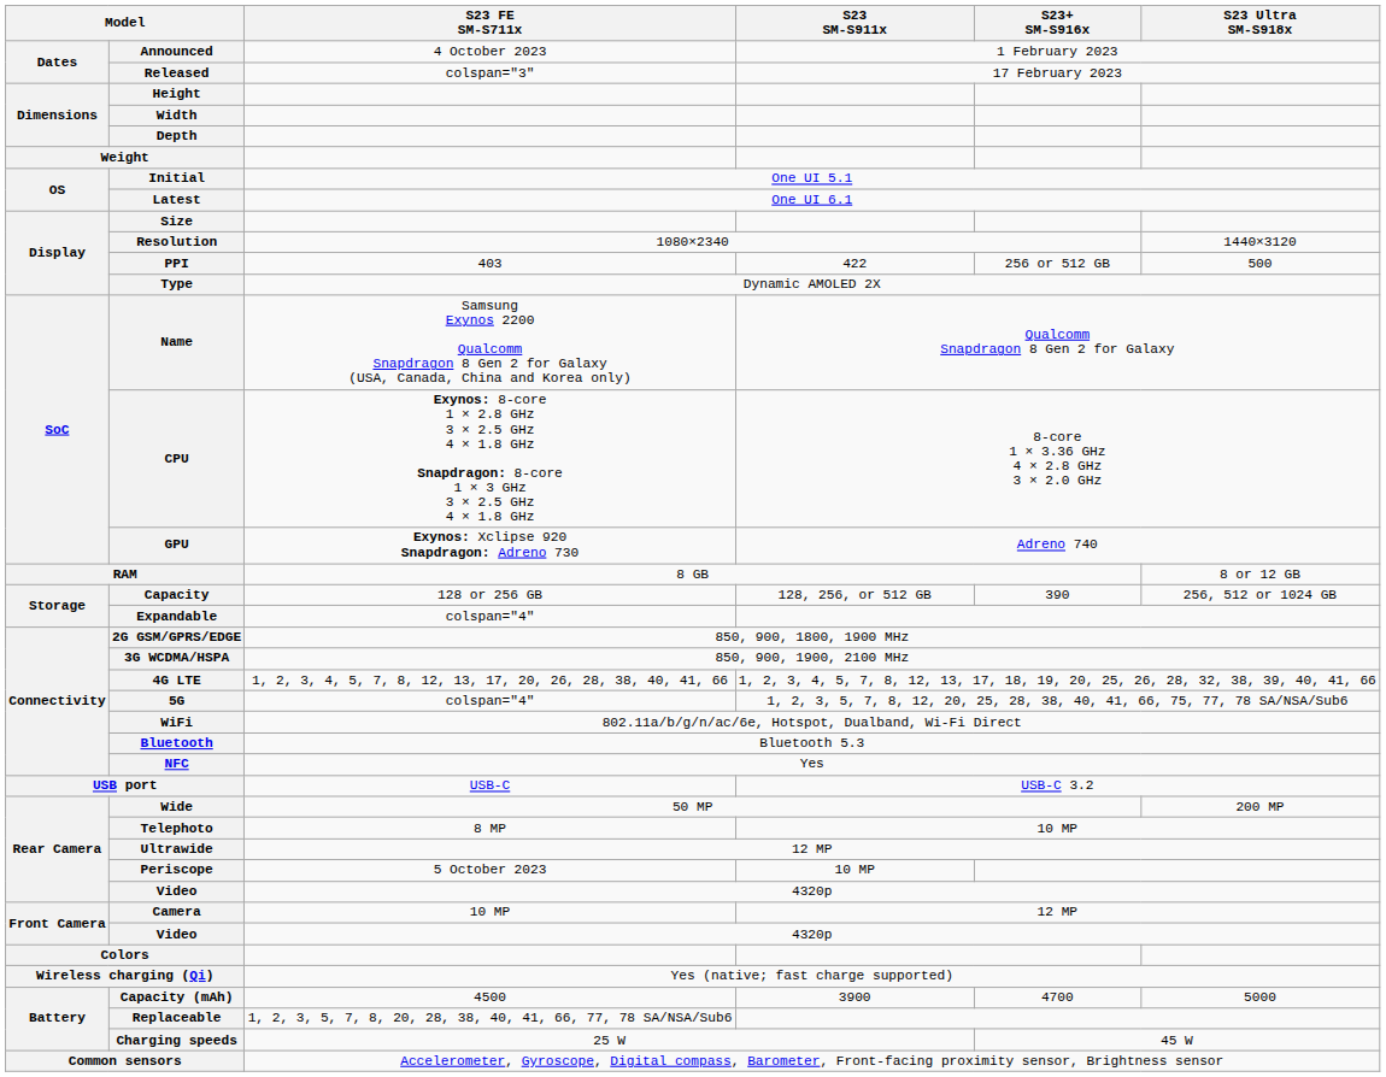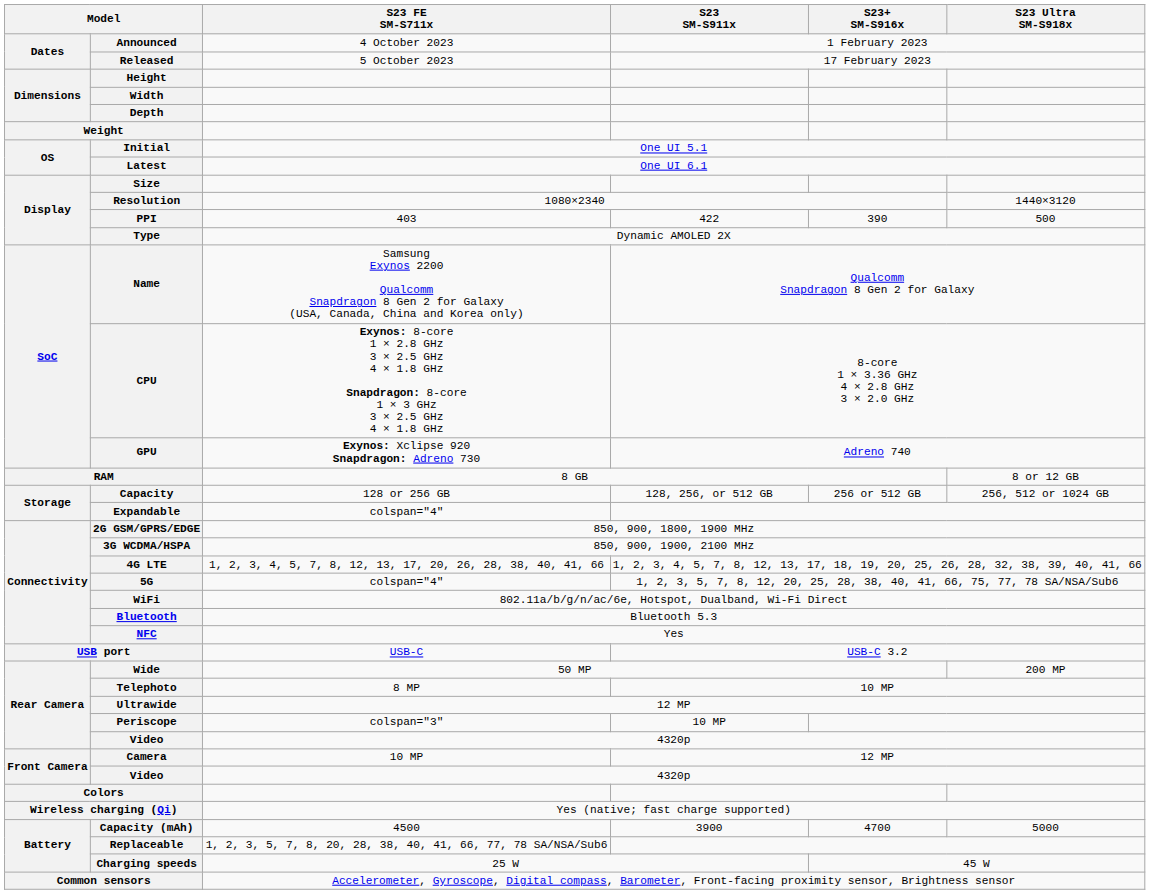 <table class="wikitable" style="text-align: center; font-size:85%">
 <tr>
 <th colspan="2">Model</th>
 <th>S23 FE<br>SM-S711x</th>
 <th>S23<br>SM-S911x</th>
 <th>S23+<br>SM-S916x</th>
 <th>S23 Ultra<br>SM-S918x</th>
 </tr>
 <tr>
 <th rowspan="2">Dates</th>
 <th>Announced</th>
 <td>4 October 2023</td>
 <td colspan="3">1 February 2023</td>
 </tr>
 <tr>
 <th>Released</th>
-<td>colspan="3" </td>
+<td>5 October 2023</td>
 <td colspan="3">17 February 2023</td>
 </tr>
 <tr>
 <th rowspan="3">Dimensions<br></th>
 <th>Height</th>
 <td></td>
 <td></td>
 <td></td>
 <td></td>
 </tr>
 <tr>
 <th>Width</th>
 <td></td>
 <td></td>
 <td></td>
 <td></td>
 </tr>
 <tr>
 <th>Depth</th>
 <td></td>
 <td></td>
 <td></td>
 <td></td>
 </tr>
 <tr>
 <th colspan="2">Weight<br></th>
 <td></td>
 <td></td>
 <td></td>
 <td></td>
 </tr>
 <tr>
 <th rowspan="2" title="Operating System">OS</th>
 <th>Initial</th>
 <td colspan="4"><a href='#'>One UI 5.1</a><br></td>
 </tr>
 <tr>
 <th>Latest</th>
 <td colspan="4"><a href='#'>One UI 6.1</a><br></td>
 </tr>
 <tr>
 <th rowspan="4">Display</th>
 <th>Size</th>
 <td></td>
 <td></td>
 <td></td>
 <td></td>
 </tr>
 <tr>
 <th>Resolution</th>
 <td colspan="3">1080×2340</td>
 <td>1440×3120</td>
 </tr>
 <tr>
 <th title="Pixels per Inch">PPI</th>
 <td>403</td>
 <td>422</td>
-<td>256 or 512 GB</td>
+<td>390</td>
 <td>500</td>
 </tr>
 <tr>
 <th>Type</th>
 <td colspan="4">Dynamic AMOLED 2X</td>
 </tr>
 <tr>
 <th rowspan="3"><a href='#'>SoC</a></th>
 <th>Name</th>
 <td>Samsung<br><a href='#'>Exynos</a> 2200<br><br><a href='#'>Qualcomm</a><br><a href='#'>Snapdragon</a> 8 Gen 2 for Galaxy<br>(USA, Canada, China and Korea only)</td>
 <td colspan="3"><a href='#'>Qualcomm</a><br><a href='#'>Snapdragon</a> 8 Gen 2 for Galaxy</td>
 </tr>
 <tr>
 <th>CPU</th>
 <td><strong>Exynos:</strong> 8-core<br>1 × 2.8 GHz<br>3 × 2.5 GHz<br>4 × 1.8 GHz<br><br><strong>Snapdragon:</strong> 8-core<br>1 × 3 GHz<br>3 × 2.5 GHz<br>4 × 1.8 GHz</td>
 <td colspan="3">8-core<br>1 × 3.36 GHz<br>4 × 2.8 GHz<br>3 × 2.0 GHz</td>
 </tr>
 <tr>
 <th>GPU</th>
 <td><strong>Exynos:</strong> Xclipse 920<br><strong>Snapdragon:</strong> <a href='#'>Adreno</a> 730</td>
 <td colspan="3"><a href='#'>Adreno</a> 740</td>
 </tr>
 <tr>
 <th colspan="2">RAM</th>
 <td colspan="3">8 GB</td>
 <td>8 or 12 GB</td>
 </tr>
 <tr>
 <th rowspan="2">Storage</th>
 <th>Capacity</th>
 <td>128 or 256 GB</td>
 <td>128, 256, or 512 GB</td>
-<td>390</td>
+<td>256 or 512 GB</td>
 <td>256, 512 or 1024 GB</td>
 </tr>
 <tr>
 <th>Expandable</th>
 <td>colspan="4" </td>
 </tr>
 <tr>
 <th rowspan="7">Connectivity</th>
 <th>2G GSM/GPRS/EDGE</th>
 <td colspan="4">850, 900, 1800, 1900 MHz</td>
 </tr>
 <tr>
 <th>3G WCDMA/HSPA</th>
 <td colspan="4">850, 900, 1900, 2100 MHz</td>
 </tr>
 <tr>
 <th>4G LTE</th>
 <td>1, 2, 3, 4, 5, 7, 8, 12, 13, 17, 20, 26, 28, 38, 40, 41, 66</td>
 <td colspan="3">1, 2, 3, 4, 5, 7, 8, 12, 13, 17, 18, 19, 20, 25, 26, 28, 32, 38, 39, 40, 41, 66</td>
 </tr>
 <tr>
 <th>5G</th>
 <td>colspan="4" </td>
 <td colspan="4">1, 2, 3, 5, 7, 8, 12, 20, 25, 28, 38, 40, 41, 66, 75, 77, 78 SA/NSA/Sub6</td>
 </tr>
 <tr>
 <th>WiFi</th>
 <td colspan="4">802.11a/b/g/n/ac/6e, Hotspot, Dualband, Wi-Fi Direct</td>
 </tr>
 <tr>
 <th><a href='#'>Bluetooth</a></th>
 <td colspan="4">Bluetooth 5.3</td>
 </tr>
 <tr>
 <th><a href='#'>NFC</a></th>
 <td colspan="4">Yes</td>
 </tr>
 <tr>
 <th colspan="2"><a href='#'>USB</a> port</th>
 <td><a href='#'>USB-C</a></td>
 <td colspan="3"><a href='#'>USB-C</a> 3.2</td>
 </tr>
 <tr>
 <th rowspan="5">Rear Camera</th>
 <th>Wide</th>
 <td colspan="3">50 MP</td>
 <td>200 MP</td>
 </tr>
 <tr>
 <th>Telephoto</th>
 <td>8 MP</td>
 <td colspan="3">10 MP</td>
 </tr>
 <tr>
 <th>Ultrawide</th>
 <td colspan="4">12 MP</td>
 </tr>
 <tr>
 <th>Periscope</th>
-<td>5 October 2023</td>
+<td>colspan="3" </td>
 <td>10 MP</td>
 </tr>
 <tr>
 <th>Video</th>
 <td colspan="4">4320p</td>
 </tr>
 <tr>
 <th rowspan="2">Front Camera</th>
 <th>Camera</th>
 <td>10 MP</td>
 <td colspan="3">12 MP</td>
 </tr>
 <tr>
 <th>Video</th>
 <td colspan="4">4320p</td>
 </tr>
 <tr>
 <th colspan="2">Colors</th>
 <td></td>
 <td colspan="2"></td>
 <td></td>
 </tr>
 <tr>
 <th colspan="2">Wireless charging (<a href='#'>Qi</a>)</th>
 <td colspan="4">Yes (native; fast charge supported)</td>
 </tr>
 <tr>
 <th rowspan="3">Battery</th>
 <th>Capacity (mAh)</th>
 <td>4500</td>
 <td>3900</td>
 <td>4700</td>
 <td>5000</td>
 </tr>
 <tr>
 <th>Replaceable</th>
 <td>1, 2, 3, 5, 7, 8, 20, 28, 38, 40, 41, 66, 77, 78 SA/NSA/Sub6</td>
 </tr>
 <tr>
 <th>Charging speeds</th>
 <td colspan="2">25 W</td>
 <td colspan="2">45 W</td>
 </tr>
 <tr>
 <th colspan="2">Common sensors</th>
 <td colspan="4"><a href='#'>Accelerometer</a>, <a href='#'>Gyroscope</a>, <a href='#'>Digital compass</a>, <a href='#'>Barometer</a>, Front-facing proximity sensor, Brightness sensor</td>
 </tr>
 </table>
